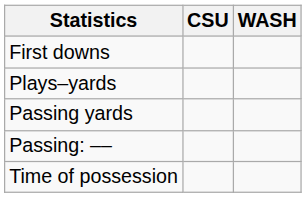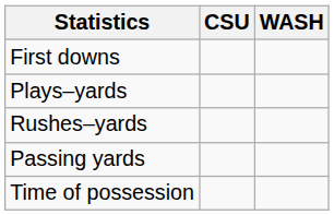 <table class="wikitable" style="float:left">
 <tr>
 <th>Statistics</th>
 <th>CSU</th>
 <th>WASH</th>
 </tr>
 <tr>
 <td>First downs</td>
 <td></td>
 <td></td>
 </tr>
 <tr>
 <td>Plays–yards</td>
 <td></td>
 <td></td>
 </tr>
 <tr>
-<td>Passing yards</td>
+<td>Rushes–yards</td>
 <td></td>
 <td></td>
 </tr>
 <tr>
-<td>Passing: ––</td>
+<td>Passing yards</td>
 <td></td>
 <td></td>
 </tr>
 <tr>
 <td>Time of possession</td>
 <td></td>
 <td></td>
 </tr>
 </table>
